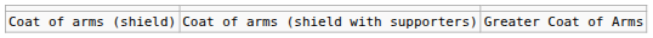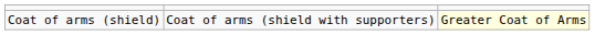 <table class="wikitable" style="text-align:center;">
 <tr>
 <td></td>
 <td></td>
 <td></td>
 </tr>
 <tr>
 <td>Coat of arms (shield)</td>
 <td>Coat of arms (shield with supporters)</td>
-<td>Greater Coat of Arms</td>
+<td style="background: lightyellow;">Greater Coat of Arms</td>
 </tr>
 </table>
